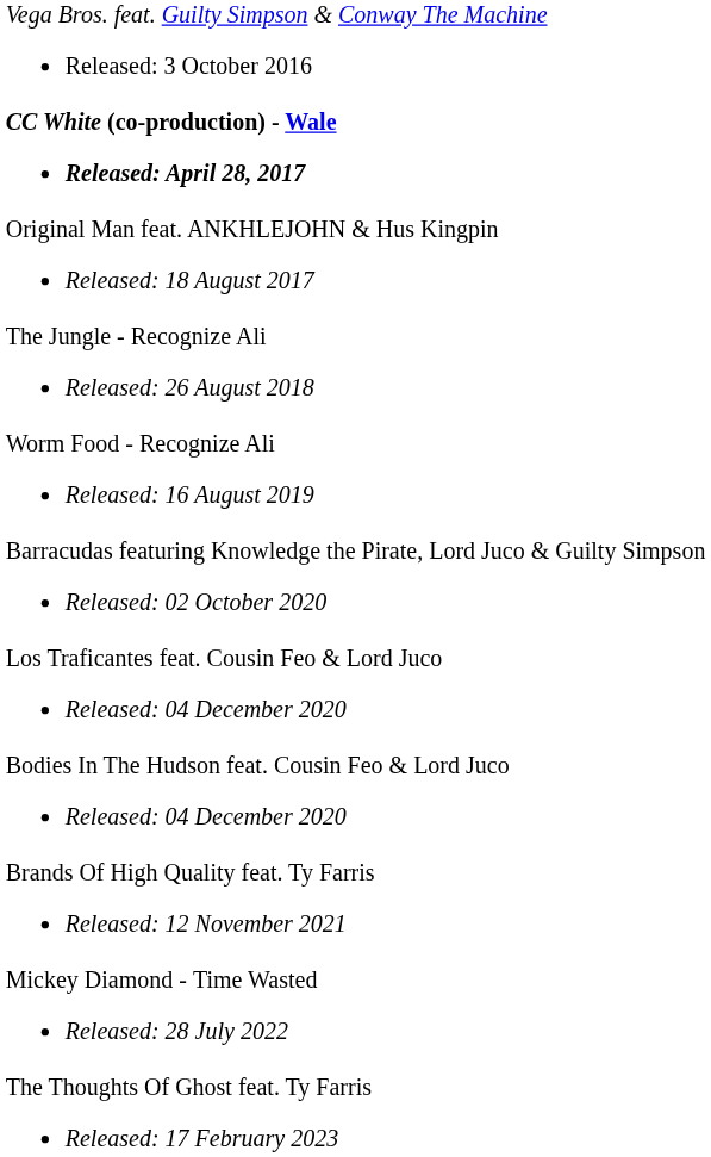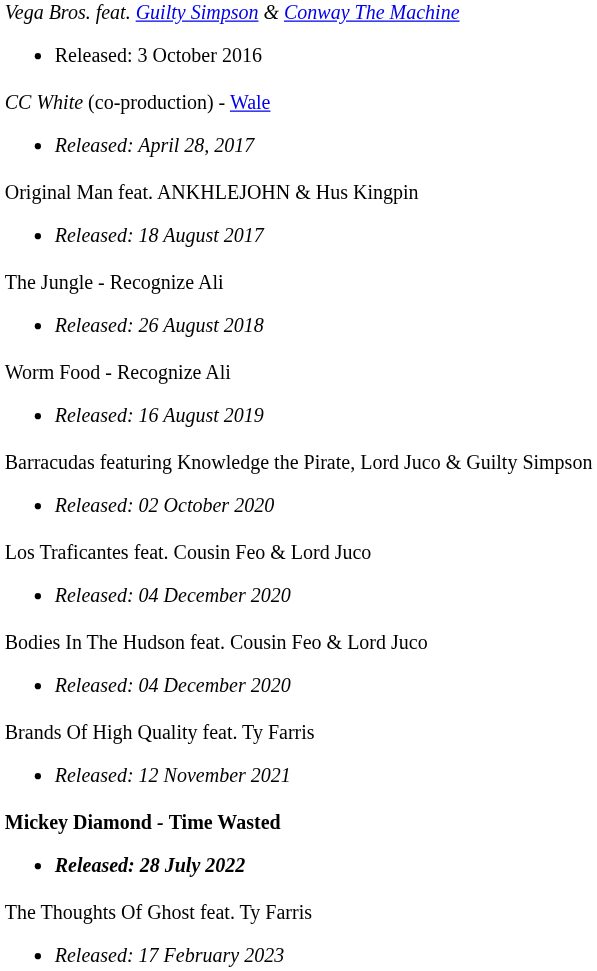 <table>
 <tr>
 <td><em>Vega Bros. feat. <a href='#'>Guilty Simpson</a> & <a href='#'>Conway The Machine</a></em><br><ul><li>Released: 3 October 2016</li></ul></td>
 </tr>
 <tr>
-<td><strong><em>CC White </em> (co-production) - <a href='#'>Wale</a><em><br><ul><li>Released: April 28, 2017</li></ul></strong></td>
+<td><em>CC White </em> (co-production) - <a href='#'>Wale</a><em><br><ul><li>Released: April 28, 2017</li></ul></td>
 </tr>
 <tr>
 <td></em>Original Man feat. ANKHLEJOHN & Hus Kingpin<em><br><ul><li>Released: 18 August 2017</li></ul></td>
 </tr>
 <tr>
 <td></em>The Jungle - Recognize Ali<em><br><ul><li>Released: 26 August 2018</li></ul></td>
 </tr>
 <tr>
 <td></em>Worm Food - Recognize Ali<em><br><ul><li>Released: 16 August 2019</li></ul></td>
 </tr>
 <tr>
 <td></em>Barracudas featuring Knowledge the Pirate, Lord Juco & Guilty Simpson<em><br><ul><li>Released: 02 October 2020</li></ul></td>
 </tr>
 <tr>
 <td></em>Los Traficantes feat. Cousin Feo & Lord Juco<em><br><ul><li>Released: 04 December 2020</li></ul></td>
 </tr>
 <tr>
 <td></em>Bodies In The Hudson feat. Cousin Feo & Lord Juco<em><br><ul><li>Released: 04 December 2020</li></ul></td>
 </tr>
 <tr>
 <td></em>Brands Of High Quality feat. Ty Farris<em><br><ul><li>Released: 12 November 2021</li></ul></td>
 </tr>
 <tr>
-<td></em>Mickey Diamond<em> - </em>Time Wasted<em><br><ul><li>Released: 28 July 2022</li></ul></td>
+<td><strong></em>Mickey Diamond<em> - </em>Time Wasted<em><br><ul><li>Released: 28 July 2022</li></ul></strong></td>
 </tr>
 <tr>
 <td></em>The Thoughts Of Ghost feat. Ty Farris<em><br><ul><li>Released: 17 February 2023</li></ul></td>
 </tr>
 </table>
